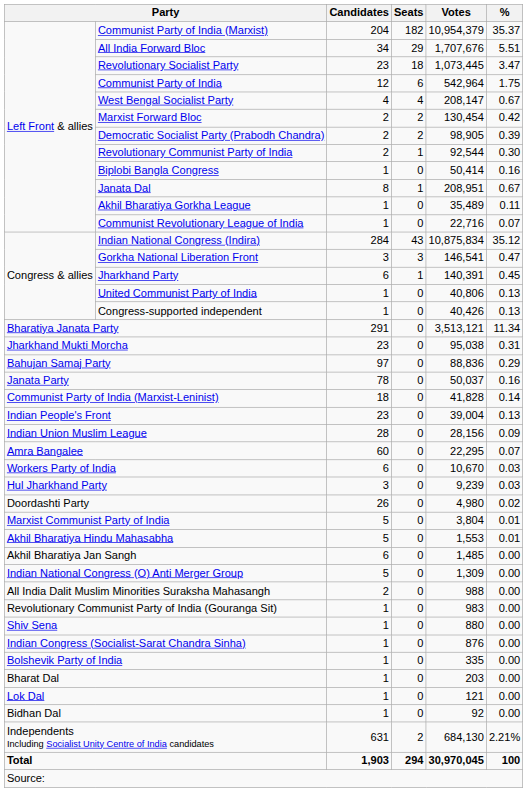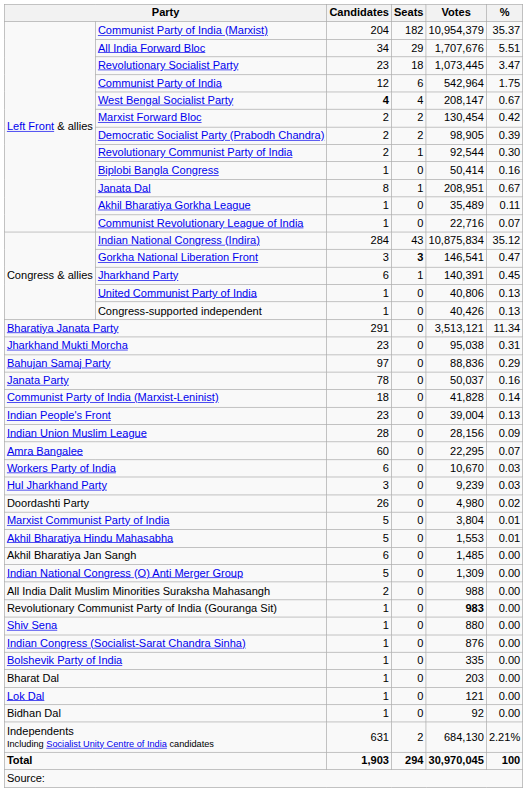 <table class=wikitable style=text-align:right>
 <tr>
 <th colspan=2>Party</th>
 <th>Candidates</th>
 <th>Seats</th>
 <th>Votes</th>
 <th>%</th>
 </tr>
 <tr>
 <td rowspan=12 align=left><a href='#'>Left Front</a> & allies</td>
 <td align=left><a href='#'>Communist Party of India (Marxist)</a><br></td>
 <td>204</td>
 <td>182</td>
 <td>10,954,379</td>
 <td>35.37</td>
 </tr>
 <tr>
 <td align=left><a href='#'>All India Forward Bloc</a></td>
 <td>34</td>
 <td>29</td>
 <td>1,707,676</td>
 <td>5.51</td>
 </tr>
 <tr>
 <td align=left><a href='#'>Revolutionary Socialist Party</a></td>
 <td>23</td>
 <td>18</td>
 <td>1,073,445</td>
 <td>3.47</td>
 </tr>
 <tr>
 <td align=left><a href='#'>Communist Party of India</a></td>
 <td>12</td>
 <td>6</td>
 <td>542,964</td>
 <td>1.75</td>
 </tr>
 <tr>
 <td align=left><a href='#'>West Bengal Socialist Party</a></td>
-<td>4</td>
+<td><strong>4</strong></td>
 <td>4</td>
 <td>208,147</td>
 <td>0.67</td>
 </tr>
 <tr>
 <td align=left><a href='#'>Marxist Forward Bloc</a></td>
 <td>2</td>
 <td>2</td>
 <td>130,454</td>
 <td>0.42</td>
 </tr>
 <tr>
 <td align=left><a href='#'>Democratic Socialist Party (Prabodh Chandra)</a></td>
 <td>2</td>
 <td>2</td>
 <td>98,905</td>
 <td>0.39</td>
 </tr>
 <tr>
 <td align=left><a href='#'>Revolutionary Communist Party of India</a></td>
 <td>2</td>
 <td>1</td>
 <td>92,544</td>
 <td>0.30</td>
 </tr>
 <tr>
 <td align=left><a href='#'>Biplobi Bangla Congress</a></td>
 <td>1</td>
 <td>0</td>
 <td>50,414</td>
 <td>0.16</td>
 </tr>
 <tr>
 <td align=left><a href='#'>Janata Dal</a></td>
 <td>8</td>
 <td>1</td>
 <td>208,951</td>
 <td>0.67</td>
 </tr>
 <tr>
 <td align=left><a href='#'>Akhil Bharatiya Gorkha League</a></td>
 <td>1</td>
 <td>0</td>
 <td>35,489</td>
 <td>0.11</td>
 </tr>
 <tr>
 <td align=left><a href='#'>Communist Revolutionary League of India</a></td>
 <td>1</td>
 <td>0</td>
 <td>22,716</td>
 <td>0.07</td>
 </tr>
 <tr>
 <td rowspan=5 align=left>Congress & allies</td>
 <td align=left><a href='#'>Indian National Congress (Indira)</a></td>
 <td>284</td>
 <td>43</td>
 <td>10,875,834</td>
 <td>35.12</td>
 </tr>
 <tr>
 <td align=left><a href='#'>Gorkha National Liberation Front</a></td>
 <td>3</td>
-<td>3</td>
+<td><strong>3</strong></td>
 <td>146,541</td>
 <td>0.47</td>
 </tr>
 <tr>
 <td align=left><a href='#'>Jharkhand Party</a></td>
 <td>6</td>
 <td>1</td>
 <td>140,391</td>
 <td>0.45</td>
 </tr>
 <tr>
 <td align=left><a href='#'>United Communist Party of India</a></td>
 <td>1</td>
 <td>0</td>
 <td>40,806</td>
 <td>0.13</td>
 </tr>
 <tr>
 <td align=left>Congress-supported independent</td>
 <td>1</td>
 <td>0</td>
 <td>40,426</td>
 <td>0.13</td>
 </tr>
 <tr>
 <td colspan=2 align=left><a href='#'>Bharatiya Janata Party</a></td>
 <td>291</td>
 <td>0</td>
 <td>3,513,121</td>
 <td>11.34</td>
 </tr>
 <tr>
 <td colspan=2 align=left><a href='#'>Jharkhand Mukti Morcha</a></td>
 <td>23</td>
 <td>0</td>
 <td>95,038</td>
 <td>0.31</td>
 </tr>
 <tr>
 <td colspan=2 align=left><a href='#'>Bahujan Samaj Party</a></td>
 <td>97</td>
 <td>0</td>
 <td>88,836</td>
 <td>0.29</td>
 </tr>
 <tr>
 <td colspan=2 align=left><a href='#'>Janata Party</a></td>
 <td>78</td>
 <td>0</td>
 <td>50,037</td>
 <td>0.16</td>
 </tr>
 <tr>
 <td colspan=2 align=left><a href='#'>Communist Party of India (Marxist-Leninist)</a></td>
 <td>18</td>
 <td>0</td>
 <td>41,828</td>
 <td>0.14</td>
 </tr>
 <tr>
 <td colspan=2 align=left><a href='#'>Indian People's Front</a></td>
 <td>23</td>
 <td>0</td>
 <td>39,004</td>
 <td>0.13</td>
 </tr>
 <tr>
 <td colspan=2 align=left><a href='#'>Indian Union Muslim League</a></td>
 <td>28</td>
 <td>0</td>
 <td>28,156</td>
 <td>0.09</td>
 </tr>
 <tr>
 <td colspan=2 align=left><a href='#'>Amra Bangalee</a></td>
 <td>60</td>
 <td>0</td>
 <td>22,295</td>
 <td>0.07</td>
 </tr>
 <tr>
 <td colspan=2 align=left><a href='#'>Workers Party of India</a></td>
 <td>6</td>
 <td>0</td>
 <td>10,670</td>
 <td>0.03</td>
 </tr>
 <tr>
 <td colspan=2 align=left><a href='#'>Hul Jharkhand Party</a></td>
 <td>3</td>
 <td>0</td>
 <td>9,239</td>
 <td>0.03</td>
 </tr>
 <tr>
 <td colspan=2 align=left>Doordashti Party</td>
 <td>26</td>
 <td>0</td>
 <td>4,980</td>
 <td>0.02</td>
 </tr>
 <tr>
 <td colspan=2 align=left><a href='#'>Marxist Communist Party of India</a></td>
 <td>5</td>
 <td>0</td>
 <td>3,804</td>
 <td>0.01</td>
 </tr>
 <tr>
 <td colspan=2 align=left><a href='#'>Akhil Bharatiya Hindu Mahasabha</a></td>
 <td>5</td>
 <td>0</td>
 <td>1,553</td>
 <td>0.01</td>
 </tr>
 <tr>
 <td colspan=2 align=left>Akhil Bharatiya Jan Sangh</td>
 <td>6</td>
 <td>0</td>
 <td>1,485</td>
 <td>0.00</td>
 </tr>
 <tr>
 <td colspan=2 align=left><a href='#'>Indian National Congress (O) Anti Merger Group</a></td>
 <td>5</td>
 <td>0</td>
 <td>1,309</td>
 <td>0.00</td>
 </tr>
 <tr>
 <td colspan=2 align=left>All India Dalit Muslim Minorities Suraksha Mahasangh</td>
 <td>2</td>
 <td>0</td>
 <td>988</td>
 <td>0.00</td>
 </tr>
 <tr>
 <td colspan=2 align=left>Revolutionary Communist Party of India (Gouranga Sit)</td>
 <td>1</td>
 <td>0</td>
-<td>983</td>
+<td><strong>983</strong></td>
 <td>0.00</td>
 </tr>
 <tr>
 <td colspan=2 align=left><a href='#'>Shiv Sena</a></td>
 <td>1</td>
 <td>0</td>
 <td>880</td>
 <td>0.00</td>
 </tr>
 <tr>
 <td colspan=2 align=left><a href='#'>Indian Congress (Socialist-Sarat Chandra Sinha)</a></td>
 <td>1</td>
 <td>0</td>
 <td>876</td>
 <td>0.00</td>
 </tr>
 <tr>
 <td colspan=2 align=left><a href='#'>Bolshevik Party of India</a></td>
 <td>1</td>
 <td>0</td>
 <td>335</td>
 <td>0.00</td>
 </tr>
 <tr>
 <td colspan=2 align=left>Bharat Dal</td>
 <td>1</td>
 <td>0</td>
 <td>203</td>
 <td>0.00</td>
 </tr>
 <tr>
 <td colspan=2 align=left><a href='#'>Lok Dal</a></td>
 <td>1</td>
 <td>0</td>
 <td>121</td>
 <td>0.00</td>
 </tr>
 <tr>
 <td colspan=2 align=left>Bidhan Dal</td>
 <td>1</td>
 <td>0</td>
 <td>92</td>
 <td>0.00</td>
 </tr>
 <tr>
 <td colspan=2 align=left>Independents<br><small>Including <a href='#'>Socialist Unity Centre of India</a> candidates</small></td>
 <td>631</td>
 <td>2</td>
 <td>684,130</td>
 <td>2.21%</td>
 </tr>
 <tr>
 <td colspan=2 align=left><strong>Total</strong></td>
 <td><strong>1,903</strong></td>
 <td><strong>294</strong></td>
 <td><strong>30,970,045</strong></td>
 <td><strong>100</strong></td>
 </tr>
 <tr>
 <td align=left colspan=6>Source: </td>
 </tr>
 </table>
